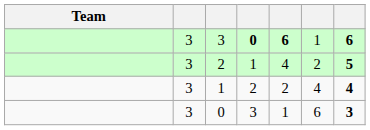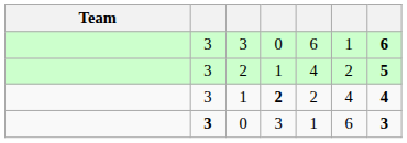 <table class="wikitable" style="text-align: center; font-size:90% ">
 <tr>
 <th width=160>Team</th>
 <th width=25></th>
 <th width=25></th>
 <th width=25></th>
 <th width=25></th>
 <th width=25></th>
 <th width=25></th>
 </tr>
 <tr bgcolor=ccffcc>
 <td align=left></td>
 <td>3</td>
 <td>3</td>
-<td><strong>0</strong></td>
-<td><strong>6</strong></td>
+<td>0</td>
+<td>6</td>
 <td>1</td>
 <td><strong>6</strong></td>
 </tr>
 <tr bgcolor=ccffcc>
 <td align=left></td>
 <td>3</td>
 <td>2</td>
 <td>1</td>
 <td>4</td>
 <td>2</td>
 <td><strong>5</strong></td>
 </tr>
 <tr>
 <td align=left></td>
 <td>3</td>
 <td>1</td>
-<td>2</td>
+<td><strong>2</strong></td>
 <td>2</td>
 <td>4</td>
 <td><strong>4</strong></td>
 </tr>
 <tr>
 <td align=left></td>
-<td>3</td>
+<td><strong>3</strong></td>
 <td>0</td>
 <td>3</td>
 <td>1</td>
 <td>6</td>
 <td><strong>3</strong></td>
 </tr>
 </table>
